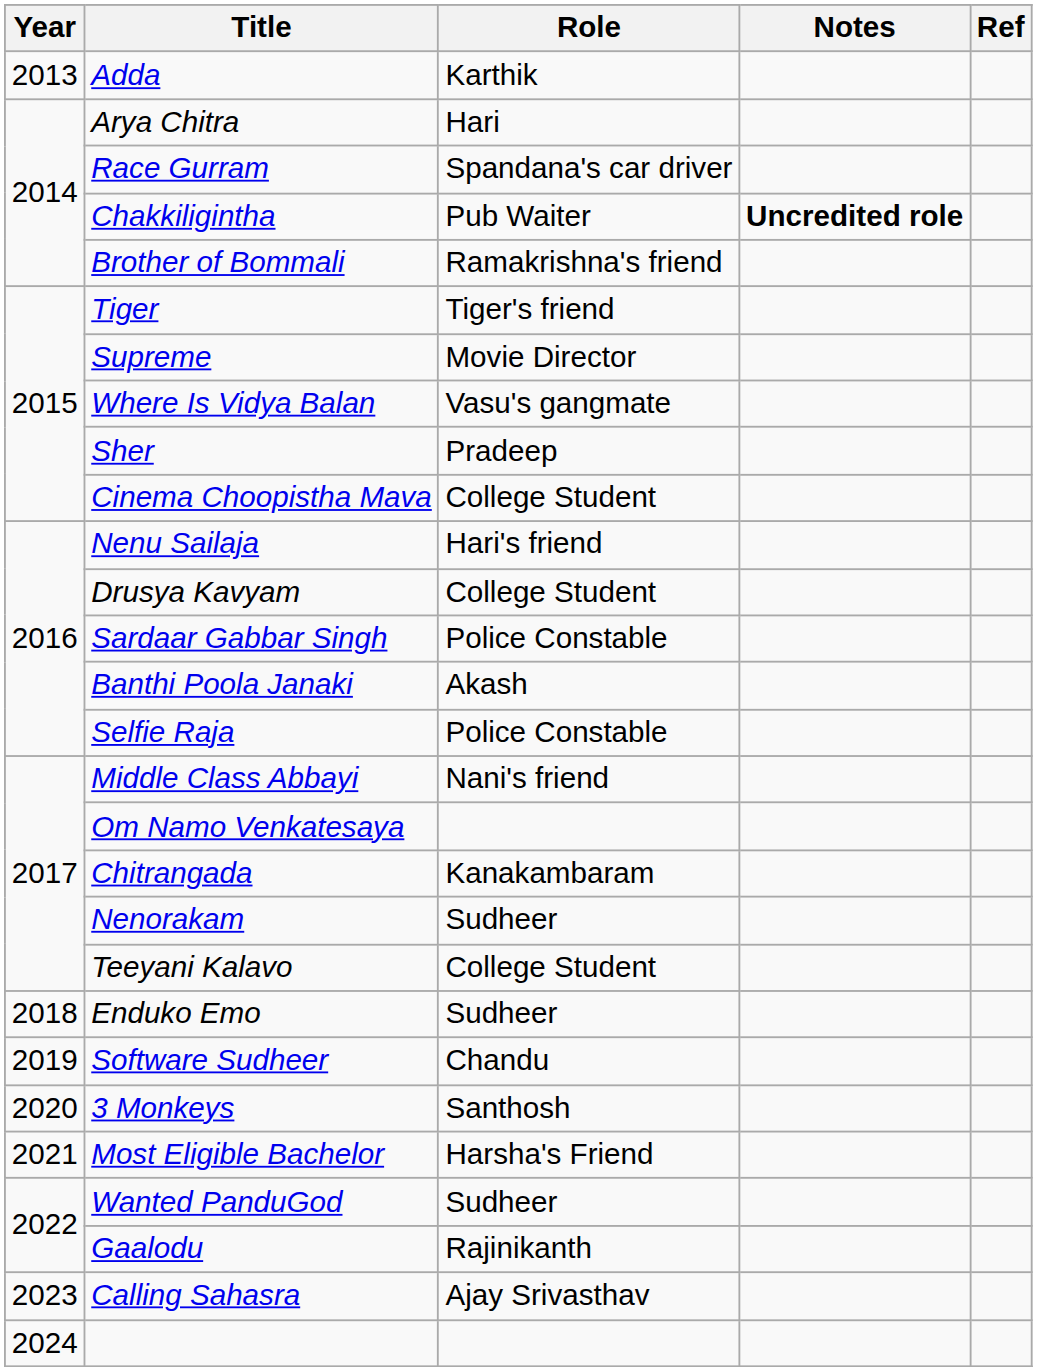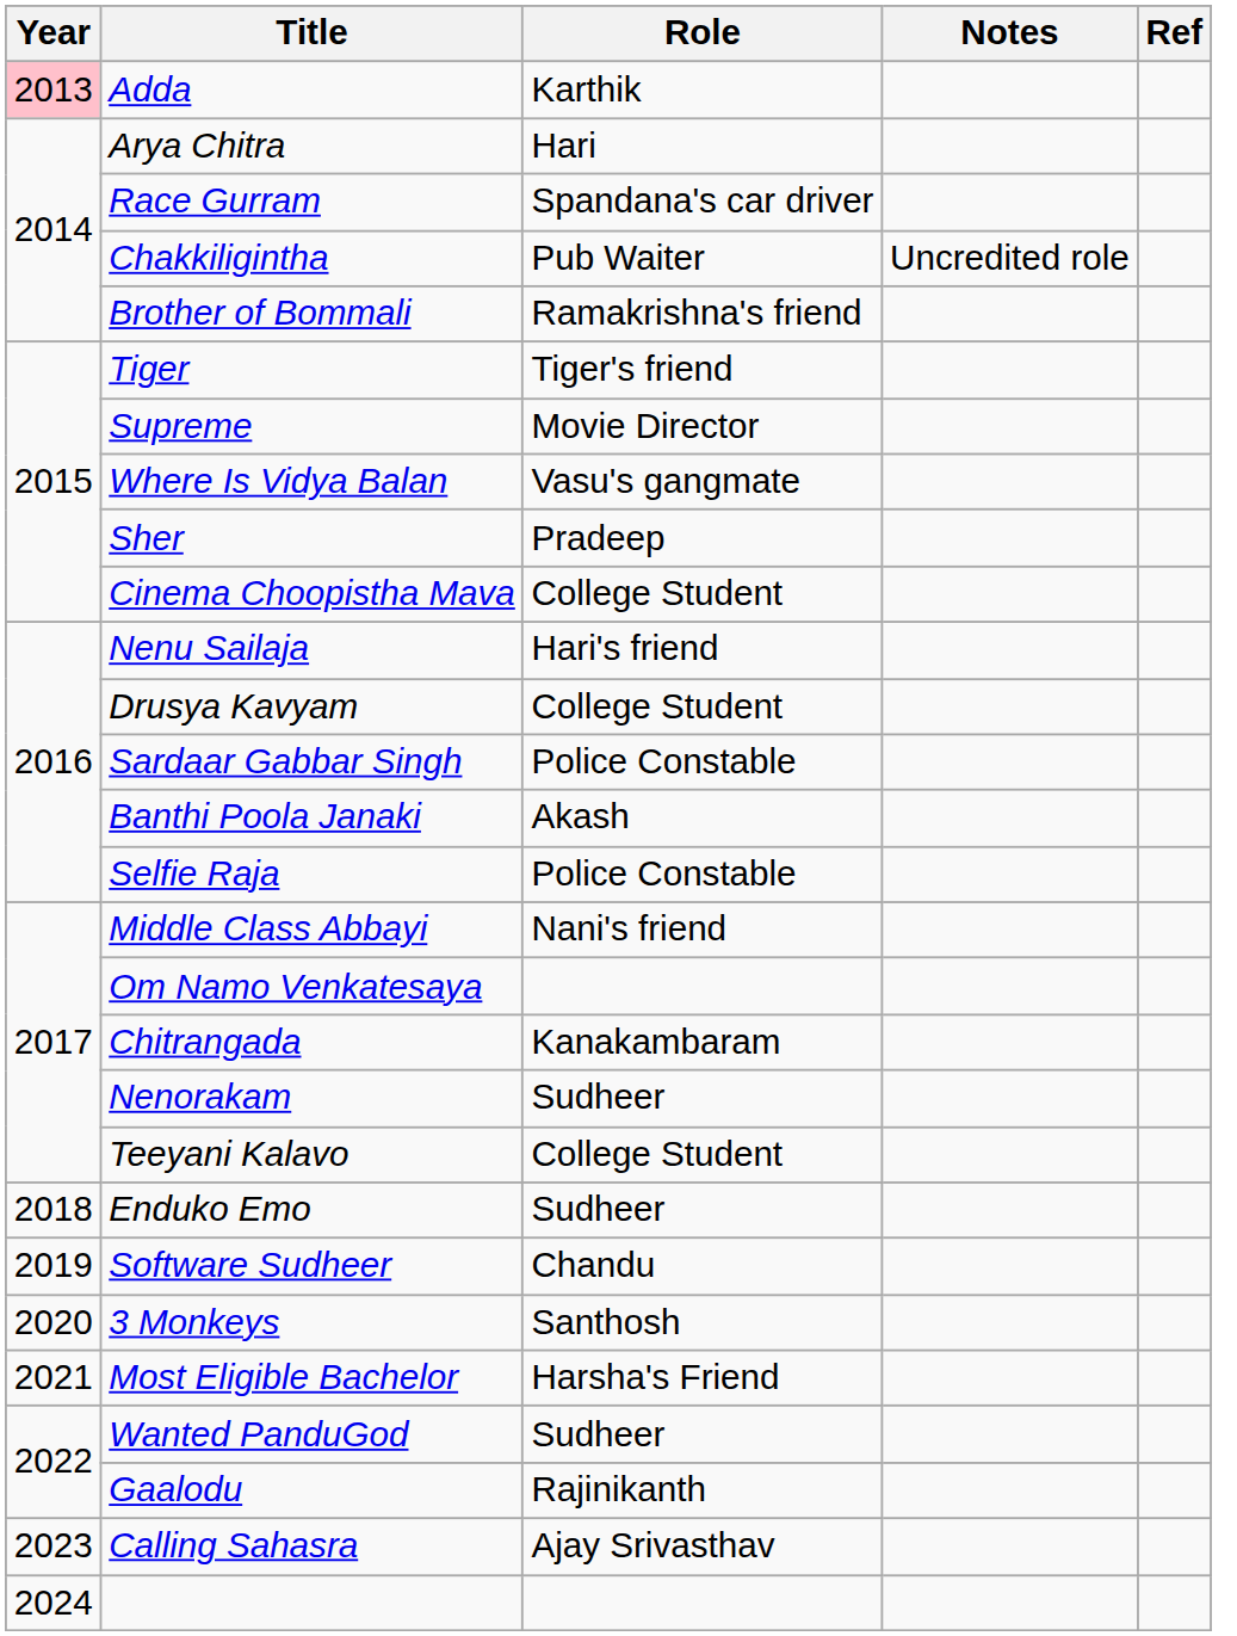 <table class="wikitable sortable">
 <tr>
 <th>Year</th>
 <th>Title</th>
 <th>Role</th>
 <th>Notes</th>
 <th class="unsortable">Ref</th>
 </tr>
 <tr>
-<td>2013</td>
+<td style="background: pink;">2013</td>
 <td><em><a href='#'>Adda</a></em></td>
 <td>Karthik</td>
 <td></td>
 <td></td>
 </tr>
 <tr>
 <td rowspan="4">2014</td>
 <td><em>Arya Chitra</em></td>
 <td>Hari</td>
 <td></td>
 <td></td>
 </tr>
 <tr>
 <td><em><a href='#'>Race Gurram</a></em></td>
 <td>Spandana's car driver</td>
 <td></td>
 <td></td>
 </tr>
 <tr>
 <td><em><a href='#'>Chakkiligintha</a></em></td>
 <td>Pub Waiter</td>
-<td><strong>Uncredited role</strong></td>
+<td>Uncredited role</td>
 <td></td>
 </tr>
 <tr>
 <td><em><a href='#'>Brother of Bommali</a></em></td>
 <td>Ramakrishna's friend</td>
 <td></td>
 <td></td>
 </tr>
 <tr>
 <td rowspan="5">2015</td>
 <td><em><a href='#'>Tiger</a></em></td>
 <td>Tiger's friend</td>
 <td></td>
 <td></td>
 </tr>
 <tr>
 <td><em> <a href='#'>Supreme</a></em></td>
 <td>Movie Director</td>
 <td></td>
 <td></td>
 </tr>
 <tr>
 <td><em><a href='#'>Where Is Vidya Balan</a></em></td>
 <td>Vasu's gangmate</td>
 <td></td>
 <td></td>
 </tr>
 <tr>
 <td><em><a href='#'>Sher</a></em></td>
 <td>Pradeep</td>
 <td></td>
 <td></td>
 </tr>
 <tr>
 <td><em><a href='#'>Cinema Choopistha Mava</a></em></td>
 <td>College Student</td>
 <td></td>
 <td></td>
 </tr>
 <tr>
 <td rowspan="5">2016</td>
 <td><em><a href='#'>Nenu Sailaja</a></em></td>
 <td>Hari's friend</td>
 <td></td>
 <td></td>
 </tr>
 <tr>
 <td><em>Drusya Kavyam</em></td>
 <td>College Student</td>
 <td></td>
 <td></td>
 </tr>
 <tr>
 <td><em><a href='#'>Sardaar Gabbar Singh</a></em></td>
 <td>Police Constable</td>
 <td></td>
 <td></td>
 </tr>
 <tr>
 <td><em><a href='#'>Banthi Poola Janaki</a></em></td>
 <td>Akash</td>
 <td></td>
 <td></td>
 </tr>
 <tr>
 <td><em><a href='#'>Selfie Raja</a></em></td>
 <td>Police Constable</td>
 <td></td>
 <td></td>
 </tr>
 <tr>
 <td rowspan="5">2017</td>
 <td><em><a href='#'>Middle Class Abbayi</a></em></td>
 <td>Nani's friend</td>
 <td></td>
 <td></td>
 </tr>
 <tr>
 <td><em><a href='#'>Om Namo Venkatesaya</a></em></td>
 <td></td>
 <td></td>
 <td></td>
 </tr>
 <tr>
 <td><em><a href='#'>Chitrangada</a></em></td>
 <td>Kanakambaram</td>
 <td></td>
 <td></td>
 </tr>
 <tr>
 <td><em><a href='#'>Nenorakam</a></em></td>
 <td>Sudheer</td>
 <td></td>
 <td></td>
 </tr>
 <tr>
 <td><em>Teeyani Kalavo</em></td>
 <td>College Student</td>
 <td></td>
 <td></td>
 </tr>
 <tr>
 <td rowspan="1">2018</td>
 <td><em>Enduko Emo</em></td>
 <td>Sudheer</td>
 <td></td>
 <td></td>
 </tr>
 <tr>
 <td>2019</td>
 <td><em><a href='#'>Software Sudheer</a></em></td>
 <td>Chandu</td>
 <td></td>
 <td></td>
 </tr>
 <tr>
 <td rowspan="1">2020</td>
 <td><em><a href='#'>3 Monkeys</a></em></td>
 <td>Santhosh</td>
 <td></td>
 <td></td>
 </tr>
 <tr>
 <td rowspan="1">2021</td>
 <td><em><a href='#'>Most Eligible Bachelor</a></em></td>
 <td>Harsha's Friend</td>
 <td></td>
 <td></td>
 </tr>
 <tr>
 <td rowspan="2">2022</td>
 <td><em><a href='#'>Wanted PanduGod</a></em></td>
 <td>Sudheer</td>
 <td></td>
 <td></td>
 </tr>
 <tr>
 <td><em><a href='#'>Gaalodu</a></em></td>
 <td>Rajinikanth</td>
 <td></td>
 <td></td>
 </tr>
 <tr>
 <td>2023</td>
 <td><em><a href='#'>Calling Sahasra</a></em></td>
 <td>Ajay Srivasthav</td>
 <td></td>
 <td></td>
 </tr>
 <tr>
 <td>2024</td>
 <td></td>
 <td></td>
 <td></td>
 <td></td>
 </tr>
 <tr>
 </tr>
 </table>
